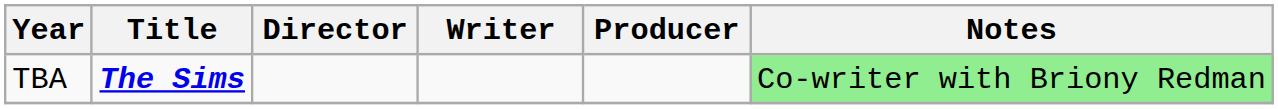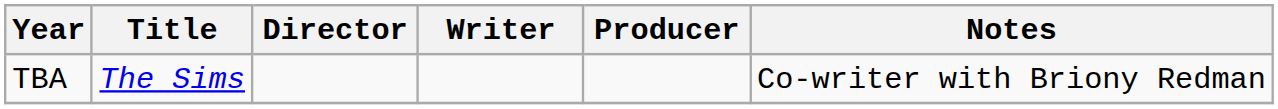 <table class="wikitable plainrowheaders">
 <tr style="background:#ccc; text-align:center; ">
 <th>Year</th>
 <th>Title</th>
 <th width="65">Director</th>
 <th width="65">Writer</th>
 <th width="65">Producer</th>
 <th>Notes</th>
 </tr>
 <tr>
 <td>TBA</td>
-<td><strong><em><a href='#'>The Sims</a></em></strong></td>
+<td><em><a href='#'>The Sims</a></em></td>
 <td></td>
 <td></td>
 <td></td>
-<td style="background: lightgreen;">Co-writer with Briony Redman</td>
+<td>Co-writer with Briony Redman</td>
 </tr>
 <tr>
 </tr>
 </table>
